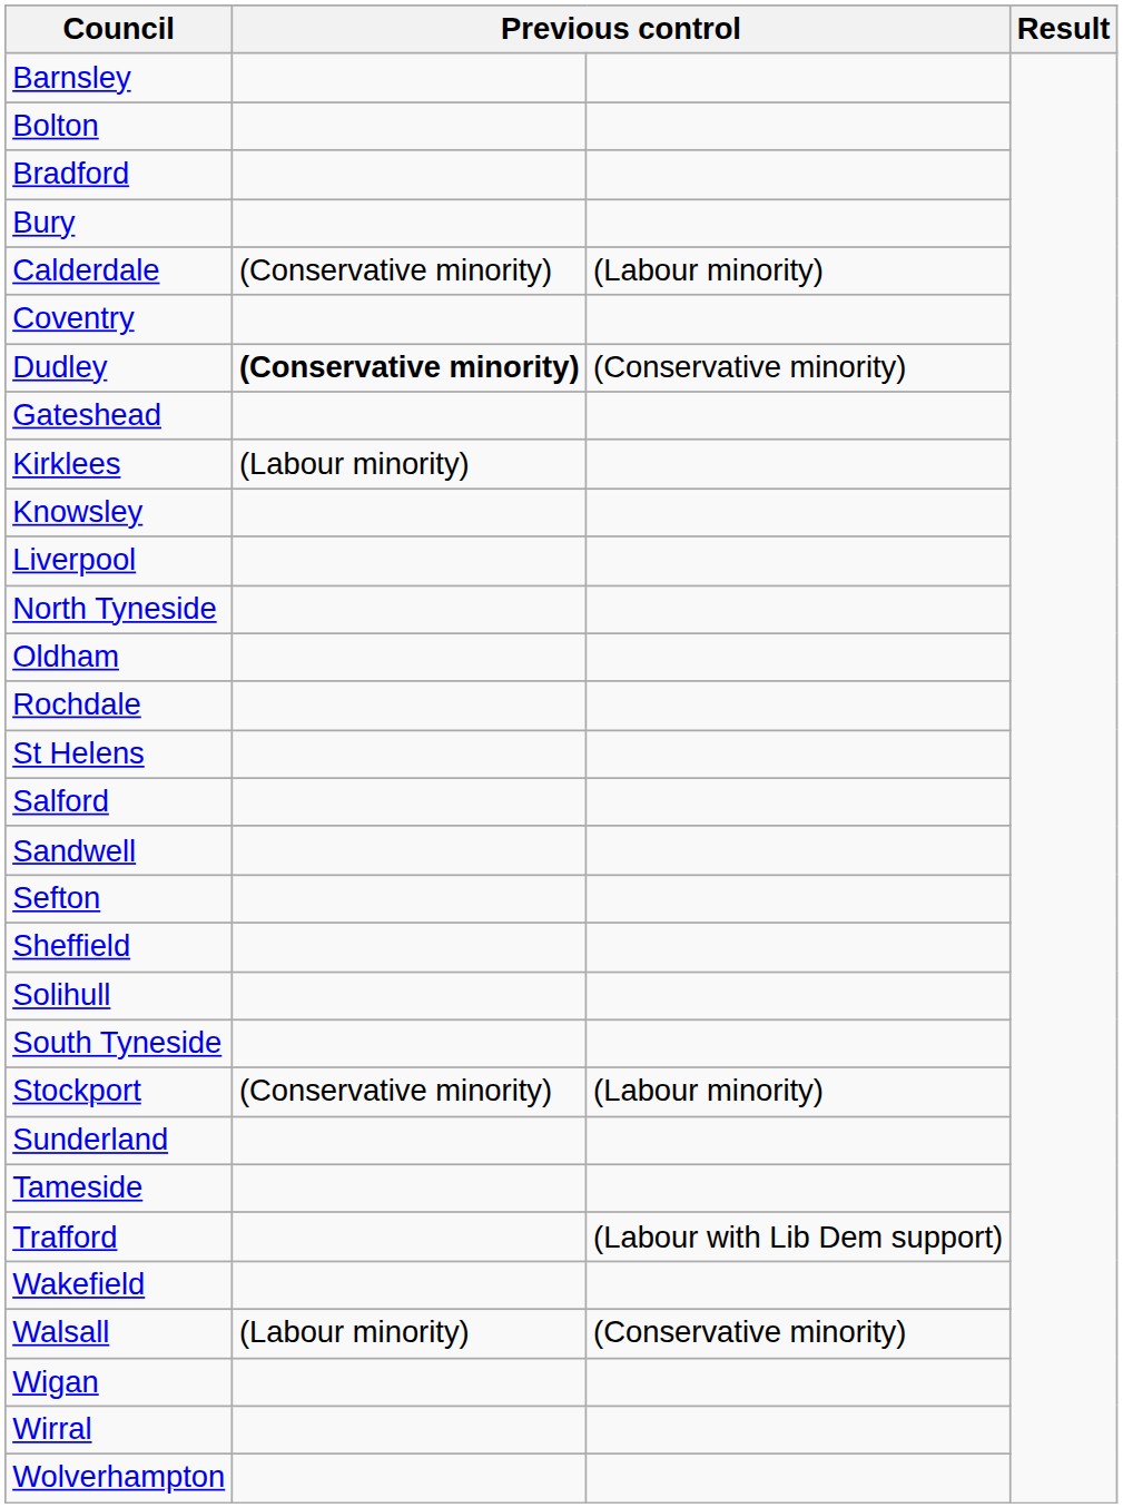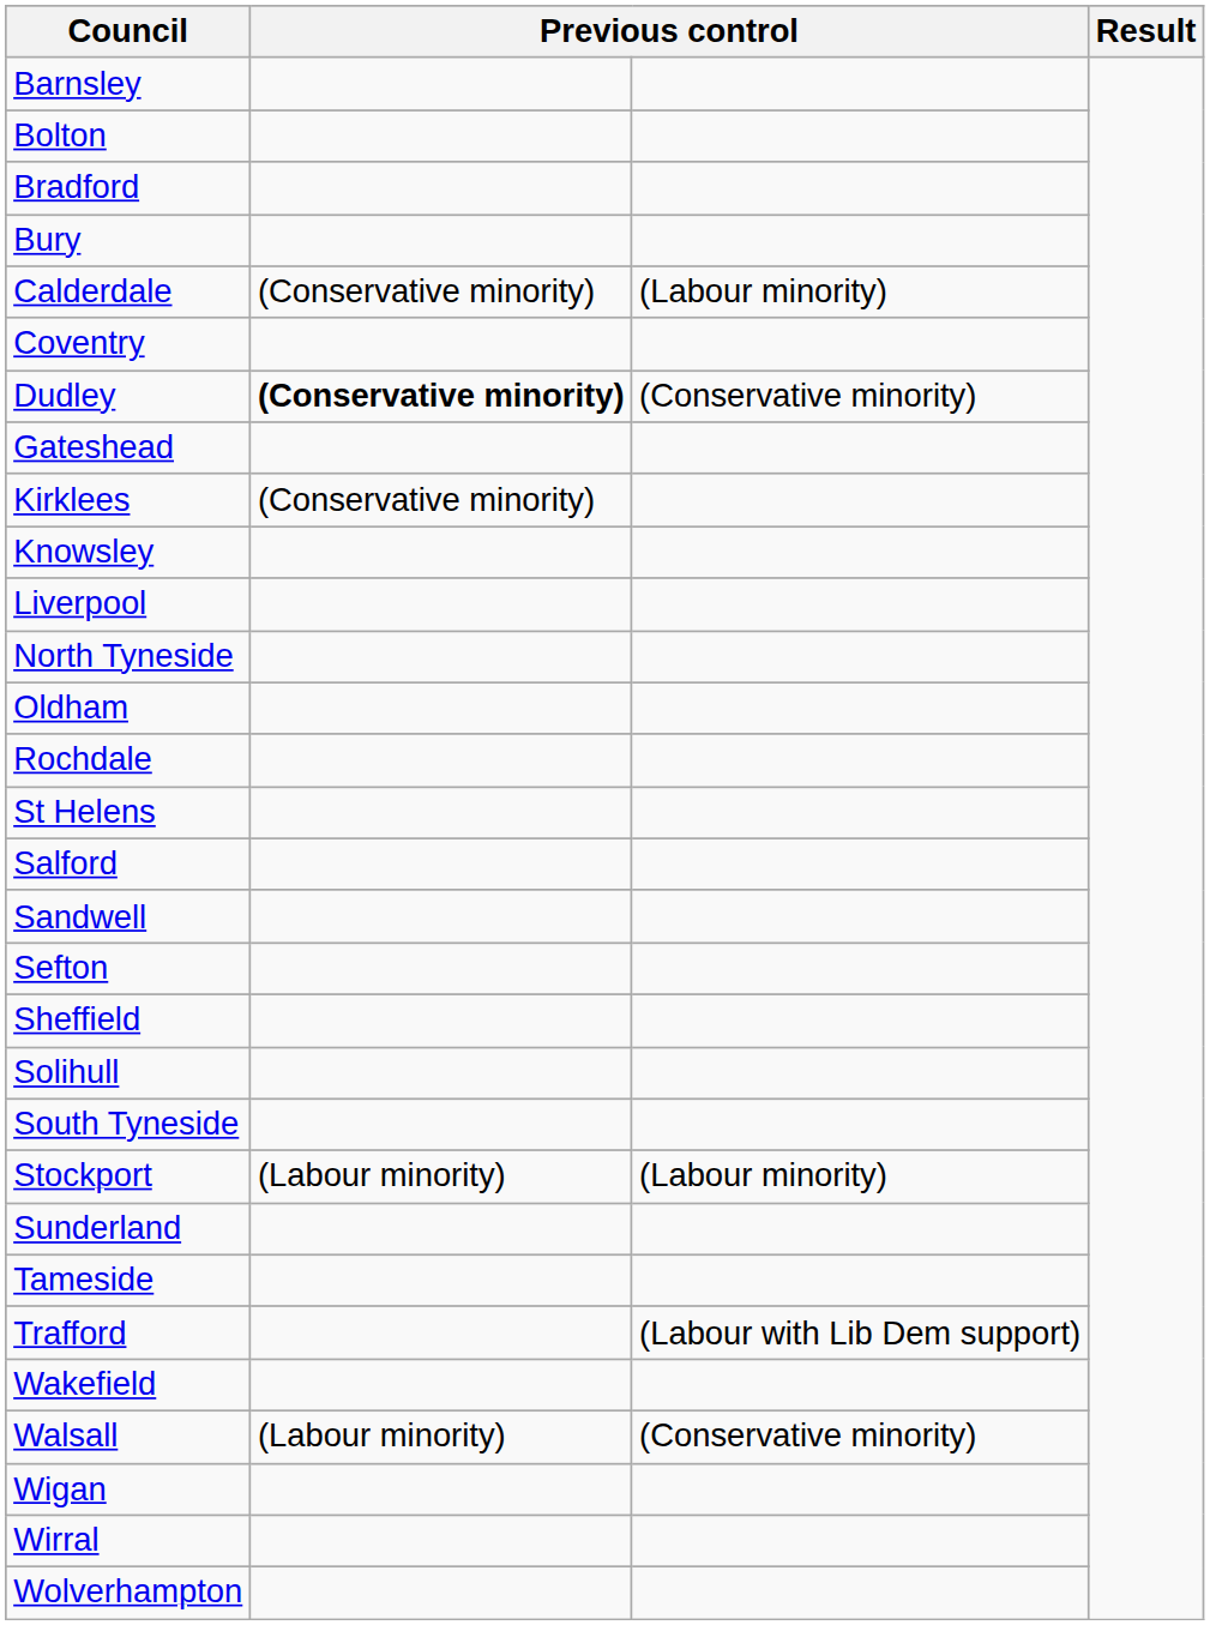 <table class="wikitable sortable" style="valign:top">
 <tr>
 <th>Council</th>
 <th colspan=2>Previous control</th>
 <th colspan=2>Result</th>
 </tr>
 <tr>
 <td><a href='#'>Barnsley</a></td>
 <td></td>
 <td></td>
 </tr>
 <tr>
 <td><a href='#'>Bolton</a></td>
 <td></td>
 <td></td>
 </tr>
 <tr>
 <td><a href='#'>Bradford</a></td>
 <td></td>
 <td></td>
 </tr>
 <tr>
 <td><a href='#'>Bury</a></td>
 <td></td>
 <td></td>
 </tr>
 <tr>
 <td><a href='#'>Calderdale</a></td>
 <td> (Conservative minority)</td>
 <td> (Labour minority)</td>
 </tr>
 <tr>
 <td><a href='#'>Coventry</a></td>
 <td></td>
 <td></td>
 </tr>
 <tr>
 <td><a href='#'>Dudley</a></td>
 <td><strong> (Conservative minority)</strong></td>
 <td> (Conservative minority)</td>
 </tr>
 <tr>
 <td><a href='#'>Gateshead</a></td>
 <td></td>
 <td></td>
 </tr>
 <tr>
 <td><a href='#'>Kirklees</a></td>
-<td> (Labour minority)</td>
+<td> (Conservative minority)</td>
 <td></td>
 </tr>
 <tr>
 <td><a href='#'>Knowsley</a></td>
 <td></td>
 <td></td>
 </tr>
 <tr>
 <td><a href='#'>Liverpool</a></td>
 <td></td>
 <td></td>
 </tr>
 <tr>
 <td><a href='#'>North Tyneside</a></td>
 <td></td>
 <td></td>
 </tr>
 <tr>
 <td><a href='#'>Oldham</a></td>
 <td></td>
 <td></td>
 </tr>
 <tr>
 <td><a href='#'>Rochdale</a></td>
 <td></td>
 <td></td>
 </tr>
 <tr>
 <td><a href='#'>St Helens</a></td>
 <td></td>
 <td></td>
 </tr>
 <tr>
 <td><a href='#'>Salford</a></td>
 <td></td>
 <td></td>
 </tr>
 <tr>
 <td><a href='#'>Sandwell</a></td>
 <td></td>
 <td></td>
 </tr>
 <tr>
 <td><a href='#'>Sefton</a></td>
 <td></td>
 <td></td>
 </tr>
 <tr>
 <td><a href='#'>Sheffield</a></td>
 <td></td>
 <td></td>
 </tr>
 <tr>
 <td><a href='#'>Solihull</a></td>
 <td></td>
 <td></td>
 </tr>
 <tr>
 <td><a href='#'>South Tyneside</a></td>
 <td></td>
 <td></td>
 </tr>
 <tr>
 <td><a href='#'>Stockport</a></td>
-<td> (Conservative minority)</td>
+<td> (Labour minority)</td>
 <td> (Labour minority)</td>
 </tr>
 <tr>
 <td><a href='#'>Sunderland</a></td>
 <td></td>
 <td></td>
 </tr>
 <tr>
 <td><a href='#'>Tameside</a></td>
 <td></td>
 <td></td>
 </tr>
 <tr>
 <td><a href='#'>Trafford</a></td>
 <td></td>
 <td> (Labour with Lib Dem support)</td>
 </tr>
 <tr>
 <td><a href='#'>Wakefield</a></td>
 <td></td>
 <td></td>
 </tr>
 <tr>
 <td><a href='#'>Walsall</a></td>
 <td> (Labour minority)</td>
 <td> (Conservative minority)</td>
 </tr>
 <tr>
 <td><a href='#'>Wigan</a></td>
 <td></td>
 <td></td>
 </tr>
 <tr>
 <td><a href='#'>Wirral</a></td>
 <td></td>
 <td></td>
 </tr>
 <tr>
 <td><a href='#'>Wolverhampton</a></td>
 <td></td>
 <td></td>
 </tr>
 <tr>
 </tr>
 </table>
